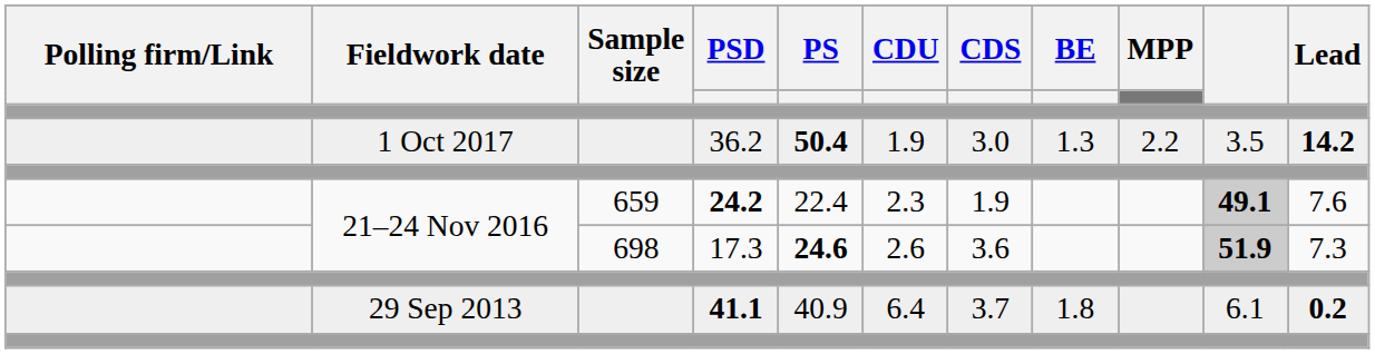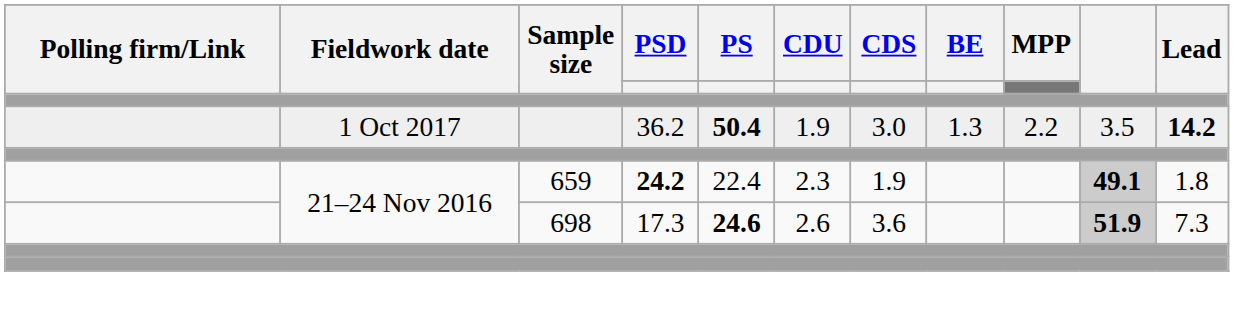 <table class="wikitable collapsible sortable" style="text-align:center; font-size:95%; line-height:16px;">
 <tr style="height:42px;">
 <th style="width:145px;" rowspan="2">Polling firm/Link</th>
 <th style="width:125px;" rowspan="2">Fieldwork date</th>
 <th class="unsortable" style="width:50px;" rowspan="2">Sample size</th>
 <th class="unsortable" style="width:35px;"><a href='#'>PSD</a></th>
 <th class="unsortable" style="width:35px;"><a href='#'>PS</a></th>
 <th class="unsortable" style="width:35px;"><a href='#'>CDU</a></th>
 <th class="unsortable" style="width:35px;"><a href='#'>CDS</a></th>
 <th class="unsortable" style="width:35px;"><a href='#'>BE</a></th>
 <th class="unsortable" style="width:35px;">MPP</th>
 <th class="unsortable" style="width:35px;" rowspan="2"></th>
 <th class="unsortable" style="width:30px;" rowspan="2">Lead</th>
 </tr>
 <tr>
 <th class="unsortable" style="color:inherit;background:"></th>
 <th class="unsortable" style="color:inherit;background:"></th>
 <th class="unsortable" style="color:inherit;background:"></th>
 <th class="unsortable" style="color:inherit;background:"></th>
 <th class="unsortable" style="color:inherit;background:"></th>
 <th class="unsortable" style="color:inherit;background:#777777;"></th>
 </tr>
 <tr>
 <td colspan="11" style="background:#A0A0A0"></td>
 </tr>
 <tr style="background:#EFEFEF;">
 <td><strong></strong></td>
 <td data-sort-value="2019-10-06">1 Oct 2017</td>
 <td></td>
 <td>36.2<br></td>
 <td><strong>50.4</strong><br></td>
 <td>1.9<br></td>
 <td>3.0<br></td>
 <td>1.3<br></td>
 <td>2.2<br></td>
 <td>3.5</td>
 <td style="background:"><strong>14.2</strong></td>
 </tr>
 <tr>
 <td colspan="11" style="background:#A0A0A0"></td>
 </tr>
 <tr>
 <td align="center"></td>
 <td rowspan="2" align="center">21–24 Nov 2016</td>
 <td>659</td>
 <td align="center" ><strong>24.2</strong></td>
 <td align="center">22.4</td>
 <td align="center">2.3</td>
 <td align="center">1.9</td>
 <td></td>
 <td></td>
 <td align="center" style="background:#cccccc"><strong>49.1</strong></td>
-<td style="background:">7.6</td>
+<td style="background:">1.8</td>
 </tr>
 <tr>
 <td align="center"></td>
 <td>698</td>
 <td align="center">17.3</td>
 <td align="center" ><strong>24.6</strong></td>
 <td align="center">2.6</td>
 <td align="center">3.6</td>
 <td></td>
 <td></td>
 <td align="center" style="background:#cccccc"><strong>51.9</strong></td>
 <td style="background:">7.3</td>
 </tr>
 <tr>
 <td colspan="11" style="background:#A0A0A0"></td>
 </tr>
-<tr style="background:#EFEFEF;">
-<td><strong></strong></td>
-<td data-sort-value="2019-10-06">29 Sep 2013</td>
-<td></td>
-<td><strong>41.1</strong><br></td>
-<td>40.9<br></td>
-<td>6.4<br></td>
-<td>3.7<br></td>
-<td>1.8<br></td>
-<td></td>
-<td>6.1</td>
-<td style="background:"><strong>0.2</strong></td>
-</tr>
 <tr>
 <td colspan="11" style="background:#A0A0A0"></td>
 </tr>
 </table>
